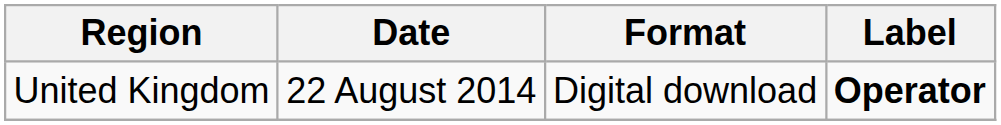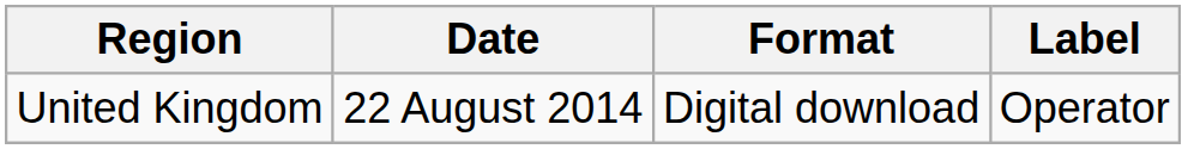 <table class=wikitable>
 <tr>
 <th>Region</th>
 <th>Date</th>
 <th>Format</th>
 <th>Label</th>
 </tr>
 <tr>
 <td>United Kingdom</td>
 <td>22 August 2014</td>
 <td>Digital download</td>
-<td><strong>Operator</strong></td>
+<td>Operator</td>
 </tr>
 <tr>
 </tr>
 </table>
